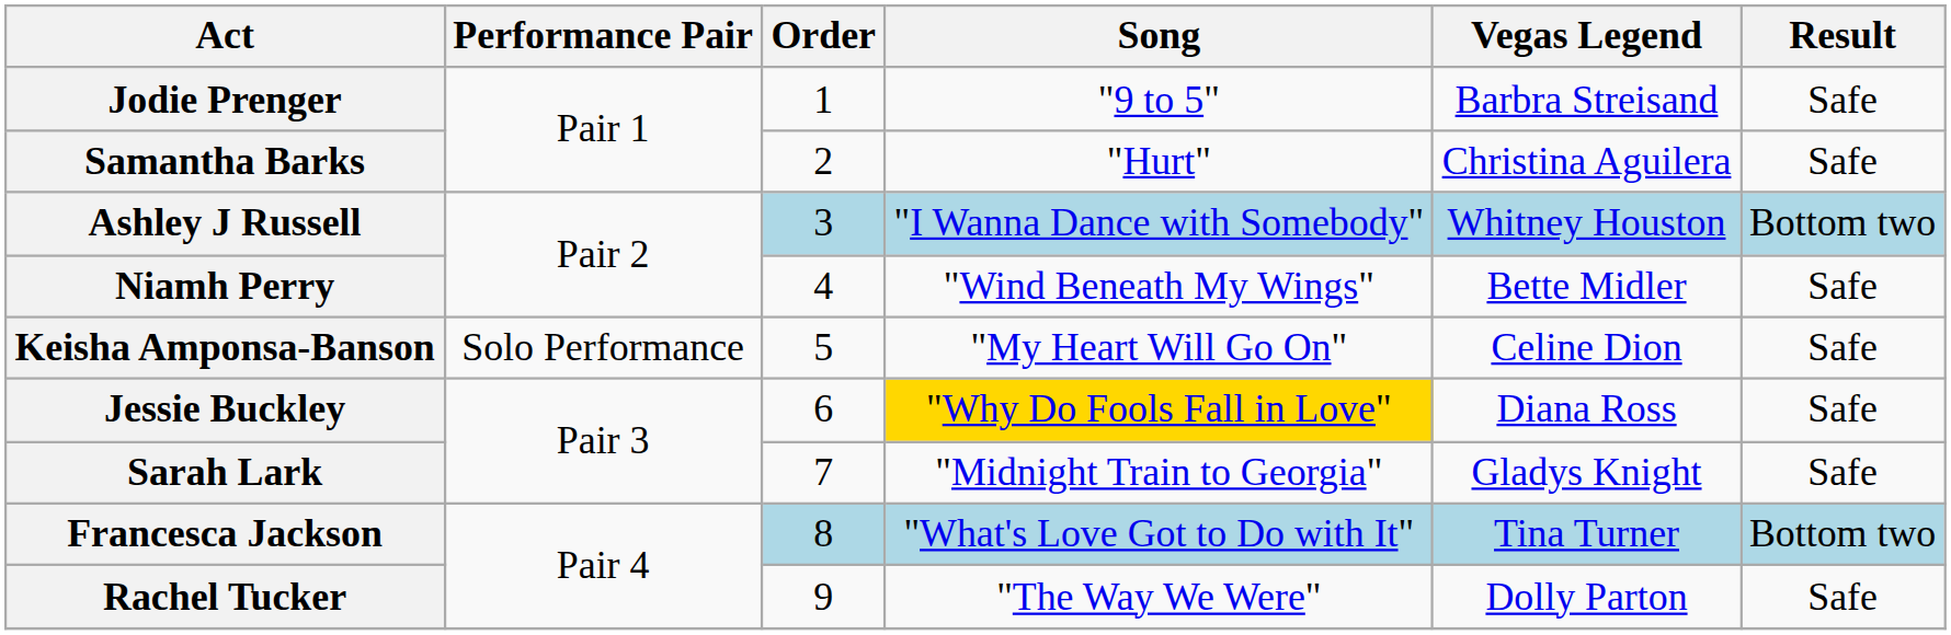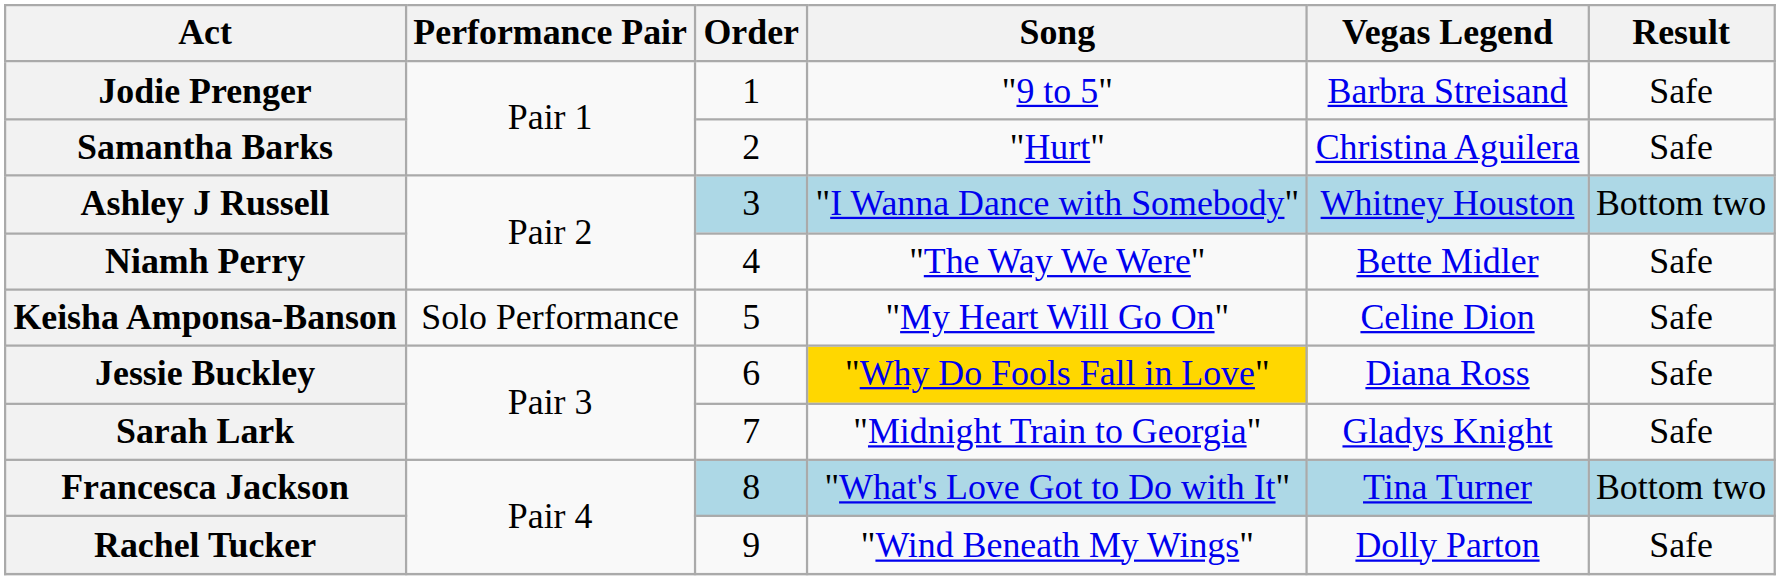 <table class="wikitable plainrowheaders" style="text-align:center;">
 <tr>
 <th scope="col">Act</th>
 <th scope="col">Performance Pair</th>
 <th scope="col">Order</th>
 <th scope="col">Song</th>
 <th scope="col">Vegas Legend</th>
 <th scope="col">Result</th>
 </tr>
 <tr>
 <th scope="row">Jodie Prenger</th>
 <td rowspan="2">Pair 1</td>
 <td>1</td>
 <td>"<a href='#'>9 to 5</a>"</td>
 <td><a href='#'>Barbra Streisand</a></td>
 <td>Safe</td>
 </tr>
 <tr>
 <th scope="row">Samantha Barks</th>
 <td>2</td>
 <td>"<a href='#'>Hurt</a>"</td>
 <td><a href='#'>Christina Aguilera</a></td>
 <td>Safe</td>
 </tr>
 <tr>
 <th scope="row">Ashley J Russell</th>
 <td rowspan="2">Pair 2</td>
 <td style = "background:lightblue">3</td>
 <td style = "background:lightblue">"<a href='#'>I Wanna Dance with Somebody</a>"</td>
 <td style = "background:lightblue"><a href='#'>Whitney Houston</a></td>
 <td style = "background:lightblue">Bottom two</td>
 </tr>
 <tr>
 <th scope="row">Niamh Perry</th>
 <td>4</td>
-<td>"<a href='#'>Wind Beneath My Wings</a>"</td>
+<td>"<a href='#'>The Way We Were</a>"</td>
 <td><a href='#'>Bette Midler</a></td>
 <td>Safe</td>
 </tr>
 <tr>
 <th scope="row">Keisha Amponsa-Banson</th>
 <td rowspan="1">Solo Performance</td>
 <td>5</td>
 <td>"<a href='#'>My Heart Will Go On</a>"</td>
 <td><a href='#'>Celine Dion</a></td>
 <td>Safe</td>
 </tr>
 <tr>
 <th scope="row">Jessie Buckley</th>
 <td rowspan="2">Pair 3</td>
 <td>6</td>
 <td style="background: gold;">"<a href='#'>Why Do Fools Fall in Love</a>"</td>
 <td><a href='#'>Diana Ross</a></td>
 <td>Safe</td>
 </tr>
 <tr>
 <th scope="row">Sarah Lark</th>
 <td>7</td>
 <td>"<a href='#'>Midnight Train to Georgia</a>"</td>
 <td><a href='#'>Gladys Knight</a></td>
 <td>Safe</td>
 </tr>
 <tr>
 <th scope="row">Francesca Jackson</th>
 <td rowspan="2">Pair 4</td>
 <td style = "background:lightblue">8</td>
 <td style = "background:lightblue">"<a href='#'>What's Love Got to Do with It</a>"</td>
 <td style = "background:lightblue"><a href='#'>Tina Turner</a></td>
 <td style = "background:lightblue">Bottom two</td>
 </tr>
 <tr>
 <th scope="row">Rachel Tucker</th>
 <td>9</td>
-<td>"<a href='#'>The Way We Were</a>"</td>
+<td>"<a href='#'>Wind Beneath My Wings</a>"</td>
 <td><a href='#'>Dolly Parton</a></td>
 <td>Safe</td>
 </tr>
 <tr>
 </tr>
 </table>
